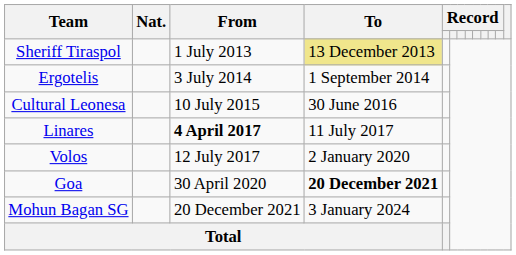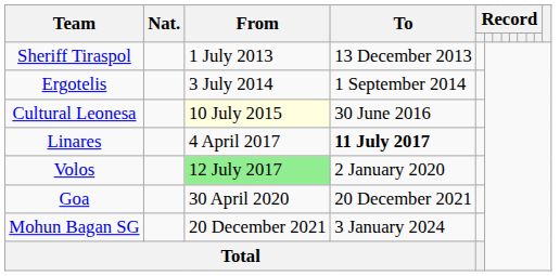 <table class="wikitable" style="text-align:center">
 <tr>
 <th rowspan="2">Team</th>
 <th rowspan="2">Nat.</th>
 <th rowspan="2">From</th>
 <th rowspan="2">To</th>
 <th colspan="8">Record</th>
 <th rowspan="2"></th>
 </tr>
 <tr>
 <th></th>
 <th></th>
 <th></th>
 <th></th>
 <th></th>
 <th></th>
 <th></th>
 <th></th>
 </tr>
 <tr>
 <td><a href='#'>Sheriff Tiraspol</a></td>
 <td></td>
 <td align="left">1 July 2013</td>
-<td align=left style="background: khaki;">13 December 2013<br></td>
+<td align=left>13 December 2013<br></td>
 <td></td>
 </tr>
 <tr>
 <td><a href='#'>Ergotelis</a></td>
 <td></td>
 <td align="left">3 July 2014</td>
 <td align=left>1 September 2014<br></td>
 <td></td>
 </tr>
 <tr>
 <td><a href='#'>Cultural Leonesa</a></td>
 <td></td>
-<td align="left">10 July 2015</td>
+<td align="left" style="background: lightyellow;">10 July 2015</td>
 <td align=left>30 June 2016<br></td>
 <td></td>
 </tr>
 <tr>
 <td><a href='#'>Linares</a></td>
 <td></td>
-<td align="left"><strong>4 April 2017</strong></td>
-<td align=left>11 July 2017<br></td>
+<td align="left">4 April 2017</td>
+<td align=left><strong>11 July 2017<br></strong></td>
 <td></td>
 </tr>
 <tr>
 <td><a href='#'>Volos</a></td>
 <td></td>
-<td align="left">12 July 2017</td>
+<td align="left" style="background: lightgreen;">12 July 2017</td>
 <td align=left>2 January 2020<br></td>
 <td></td>
 </tr>
 <tr>
 <td><a href='#'>Goa</a></td>
 <td></td>
 <td align="left">30 April 2020</td>
-<td align=left><strong>20 December 2021<br></strong></td>
+<td align=left>20 December 2021<br></td>
 <td></td>
 </tr>
 <tr>
 <td><a href='#'>Mohun Bagan SG</a></td>
 <td></td>
 <td align="left">20 December 2021</td>
 <td align=left>3 January 2024<br></td>
 <td></td>
 </tr>
 <tr>
 <th colspan="4">Total<br></th>
 <th></th>
 </tr>
 </table>
